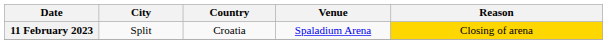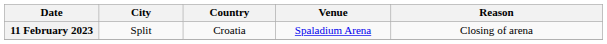 <table class="wikitable plainrowheaders" style="text-align:center;">
 <tr>
 <th scope="col" style="width:11em;">Date</th>
 <th scope="col" style="width:11em;">City</th>
 <th scope="col" style="width:11em;">Country</th>
 <th scope="col" style="width:14em;">Venue</th>
 <th scope="col" style="width:30em;">Reason</th>
 </tr>
 <tr>
 <th scope="row" style="text-align:center;">11 February 2023</th>
 <td>Split</td>
 <td rowspan="1">Croatia</td>
 <td><a href='#'>Spaladium Arena</a></td>
-<td rowspan="1" style="background: gold;">Closing of arena</td>
+<td rowspan="1">Closing of arena</td>
 </tr>
 <tr>
 </tr>
 </table>
